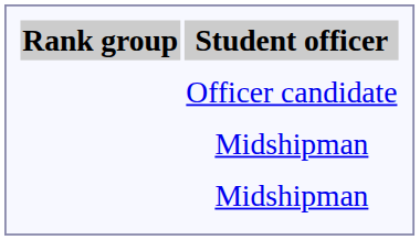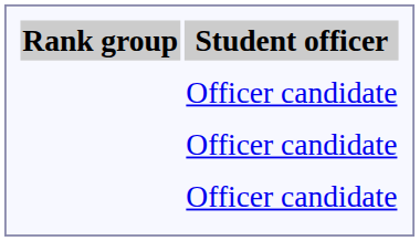 <table style="border:1px solid #8888aa; background-color:#f7f8ff; padding:5px; font-size:95%; margin: 0px 12px 12px 0px; text-align:center;">
 <tr bgcolor="#CCCCCC">
 <th>Rank group</th>
 <th>Student officer</th>
 </tr>
 <tr>
 <td rowspan=2><strong></strong></td>
 <td></td>
 </tr>
 <tr>
 <td><a href='#'>Officer candidate</a></td>
 </tr>
 <tr>
 <td rowspan=2><strong></strong></td>
 <td></td>
 </tr>
 <tr>
-<td><a href='#'>Midshipman</a></td>
+<td><a href='#'>Officer candidate</a></td>
 </tr>
 <tr>
 <td rowspan=2><strong></strong></td>
 <td></td>
 </tr>
 <tr>
-<td><a href='#'>Midshipman</a></td>
+<td><a href='#'>Officer candidate</a></td>
 </tr>
 <tr>
 </tr>
 </table>
